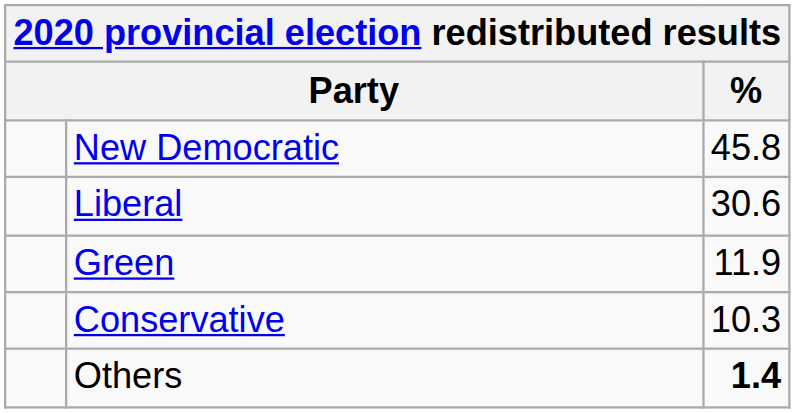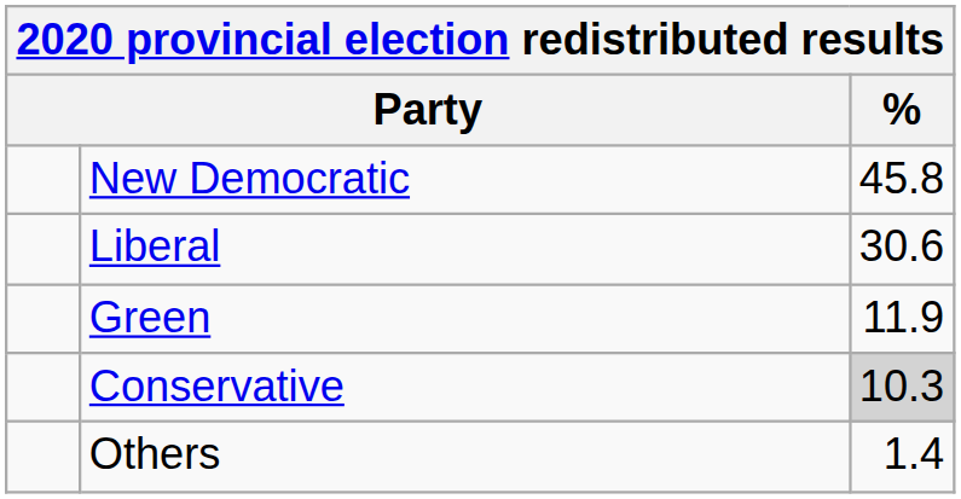 <table class="wikitable">
 <tr>
 <th colspan="4"><a href='#'>2020 provincial election</a> redistributed results</th>
 </tr>
 <tr>
 <th bgcolor="#DDDDFF" width="130px" colspan="2">Party</th>
 <th bgcolor="#DDDDFF" width="30px">%</th>
 </tr>
 <tr>
 <td> </td>
 <td><a href='#'>New Democratic</a></td>
 <td align=right>45.8</td>
 </tr>
 <tr>
 <td> </td>
 <td><a href='#'>Liberal</a></td>
 <td align=right>30.6</td>
 </tr>
 <tr>
 <td> </td>
 <td><a href='#'>Green</a></td>
 <td align=right>11.9</td>
 </tr>
 <tr>
 <td> </td>
 <td><a href='#'>Conservative</a></td>
-<td align=right>10.3</td>
+<td align=right style="background: lightgrey;">10.3</td>
 </tr>
 <tr>
 <td> </td>
 <td>Others</td>
-<td align=right><strong>1.4</strong></td>
+<td align=right>1.4</td>
 </tr>
 </table>
